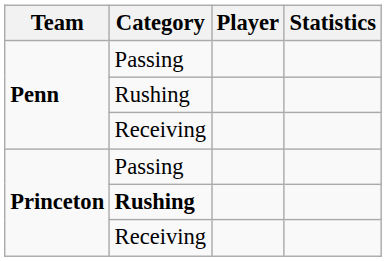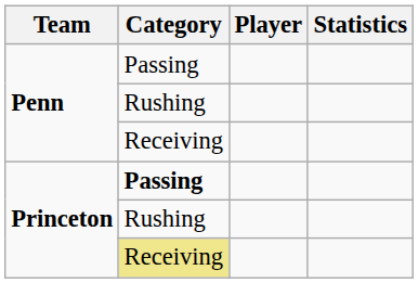 <table class="wikitable" style="float: right;">
 <tr>
 <th>Team</th>
 <th>Category</th>
 <th>Player</th>
 <th>Statistics</th>
 </tr>
 <tr>
 <td rowspan=3><strong>Penn</strong></td>
 <td>Passing</td>
 <td></td>
 <td></td>
 </tr>
 <tr>
 <td>Rushing</td>
 <td></td>
 <td></td>
 </tr>
 <tr>
 <td>Receiving</td>
 <td></td>
 <td></td>
 </tr>
 <tr>
 <td rowspan=3><strong>Princeton</strong></td>
-<td>Passing</td>
+<td><strong>Passing</strong></td>
 <td></td>
 <td></td>
 </tr>
 <tr>
-<td><strong>Rushing</strong></td>
+<td>Rushing</td>
 <td></td>
 <td></td>
 </tr>
 <tr>
-<td>Receiving</td>
+<td style="background: khaki;">Receiving</td>
 <td></td>
 <td></td>
 </tr>
 </table>
